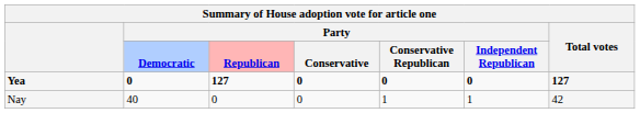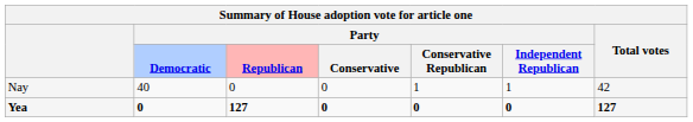 <table class="wikitable">
 <tr>
 <th colspan=7>Summary of House adoption vote for article one</th>
 </tr>
 <tr>
 <th rowspan=2></th>
 <th colspan=5>Party</th>
 <th rowspan=2>Total votes</th>
 </tr>
 <tr style="vertical-align:bottom;">
 <th style="background:#b0ceff;"><a href='#'>Democratic</a></th>
 <th style="background:#ffb6b6;"><a href='#'>Republican</a></th>
 <th>Conservative</th>
 <th>Conservative Republican</th>
 <th><a href='#'>Independent Republican</a></th>
 </tr>
 <tr>
+<td style="background:#F5F5F5">Nay</td>
+<td>40</td>
+<td>0</td>
+<td>0</td>
+<td>1</td>
+<td>1</td>
+<td style="background:#F5F5F5">42</td>
+</tr>
+<tr>
 <td style="width: 10em; background:#F5F5F5"><strong>Yea</strong></td>
 <td style="width: 7em;"><strong>0</strong></td>
 <td style="width: 7em;"><strong>127</strong></td>
 <td style="width: 7em;"><strong>0</strong></td>
 <td style="width: 7em;"><strong>0</strong></td>
 <td style="width: 7em;"><strong>0</strong></td>
 <td style="width: 7em; background:#F5F5F5"><strong>127</strong></td>
 </tr>
-<tr>
-<td style="background:#F5F5F5">Nay</td>
-<td>40</td>
-<td>0</td>
-<td>0</td>
-<td>1</td>
-<td>1</td>
-<td style="background:#F5F5F5">42</td>
-</tr>
 </table>
